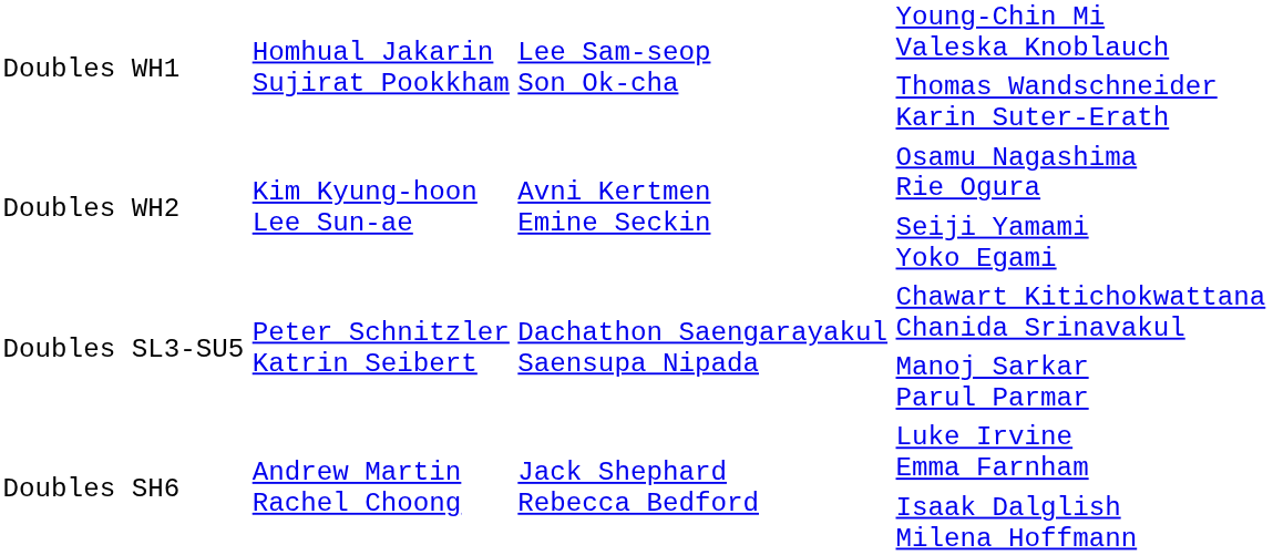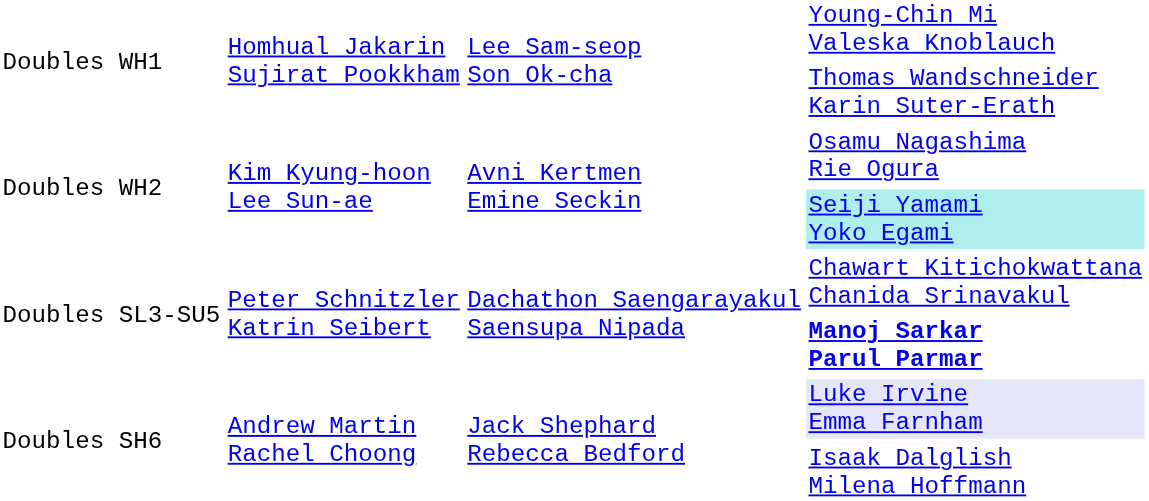 <table>
 <tr>
 <td rowspan=2>Doubles WH1</td>
 <td rowspan=2> <a href='#'>Homhual Jakarin</a><br> <a href='#'>Sujirat Pookkham</a></td>
 <td rowspan=2> <a href='#'>Lee Sam-seop</a><br> <a href='#'>Son Ok-cha</a></td>
 <td> <a href='#'>Young-Chin Mi</a><br> <a href='#'>Valeska Knoblauch</a></td>
 </tr>
 <tr>
 <td> <a href='#'>Thomas Wandschneider</a><br> <a href='#'>Karin Suter-Erath</a></td>
 </tr>
 <tr>
 <td rowspan=2>Doubles WH2</td>
 <td rowspan=2> <a href='#'>Kim Kyung-hoon</a><br> <a href='#'>Lee Sun-ae</a></td>
 <td rowspan=2> <a href='#'>Avni Kertmen</a><br> <a href='#'>Emine Seckin</a></td>
 <td> <a href='#'>Osamu Nagashima</a><br> <a href='#'>Rie Ogura</a></td>
 </tr>
 <tr>
-<td> <a href='#'>Seiji Yamami</a><br> <a href='#'>Yoko Egami</a></td>
+<td style="background: paleturquoise;"> <a href='#'>Seiji Yamami</a><br> <a href='#'>Yoko Egami</a></td>
 </tr>
 <tr>
 <td rowspan=2>Doubles SL3-SU5</td>
 <td rowspan=2> <a href='#'>Peter Schnitzler</a><br> <a href='#'>Katrin Seibert</a></td>
 <td rowspan=2> <a href='#'>Dachathon Saengarayakul</a><br> <a href='#'>Saensupa Nipada</a></td>
 <td> <a href='#'>Chawart Kitichokwattana</a><br> <a href='#'>Chanida Srinavakul</a></td>
 </tr>
 <tr>
-<td> <a href='#'>Manoj Sarkar</a><br> <a href='#'>Parul Parmar</a></td>
+<td><strong> <a href='#'>Manoj Sarkar</a><br> <a href='#'>Parul Parmar</a></strong></td>
 </tr>
 <tr>
 <td rowspan=2>Doubles SH6</td>
 <td rowspan=2> <a href='#'>Andrew Martin</a><br> <a href='#'>Rachel Choong</a></td>
 <td rowspan=2> <a href='#'>Jack Shephard</a><br> <a href='#'>Rebecca Bedford</a></td>
-<td> <a href='#'>Luke Irvine</a><br> <a href='#'>Emma Farnham</a></td>
+<td style="background: lavender;"> <a href='#'>Luke Irvine</a><br> <a href='#'>Emma Farnham</a></td>
 </tr>
 <tr>
 <td> <a href='#'>Isaak Dalglish</a><br> <a href='#'>Milena Hoffmann</a></td>
 </tr>
 </table>
